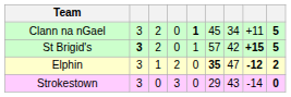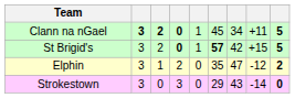 <table class="wikitable" style="text-align:center">
 <tr>
 <th style="width:175px;">Team</th>
 <th width="20"></th>
 <th width="20"></th>
 <th width="20"></th>
 <th width="20"></th>
 <th width="20"></th>
 <th width="20"></th>
 <th width="20"></th>
 <th width="20"></th>
 </tr>
 <tr style="background:#cfc;">
 <td>Clann na nGael</td>
-<td>3</td>
-<td>2</td>
-<td>0</td>
-<td><strong>1</strong></td>
+<td><strong>3</strong></td>
+<td><strong>2</strong></td>
+<td><strong>0</strong></td>
+<td>1</td>
 <td>45</td>
 <td>34</td>
 <td>+11</td>
 <td><strong>5</strong></td>
 </tr>
 <tr style="background:#cfc;">
 <td>St Brigid's</td>
-<td><strong>3</strong></td>
+<td>3</td>
 <td>2</td>
-<td>0</td>
+<td><strong>0</strong></td>
 <td>1</td>
-<td>57</td>
+<td><strong>57</strong></td>
 <td>42</td>
-<td><strong>+15</strong></td>
+<td>+15</td>
 <td><strong>5</strong></td>
 </tr>
 <tr style="background:#ffffcc;">
 <td>Elphin</td>
 <td>3</td>
 <td>1</td>
 <td>2</td>
 <td>0</td>
-<td><strong>35</strong></td>
+<td>35</td>
 <td>47</td>
-<td><strong>-12</strong></td>
+<td>-12</td>
 <td><strong>2</strong></td>
 </tr>
 <tr style="background:#fcf;">
 <td>Strokestown</td>
 <td>3</td>
 <td>0</td>
 <td>3</td>
 <td>0</td>
 <td>29</td>
 <td>43</td>
 <td>-14</td>
 <td><strong>0</strong></td>
 </tr>
 </table>
